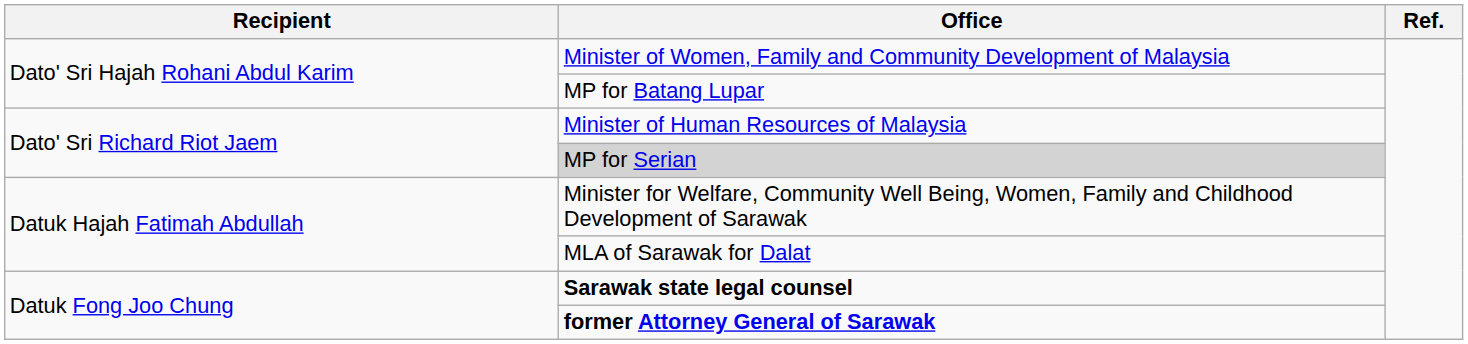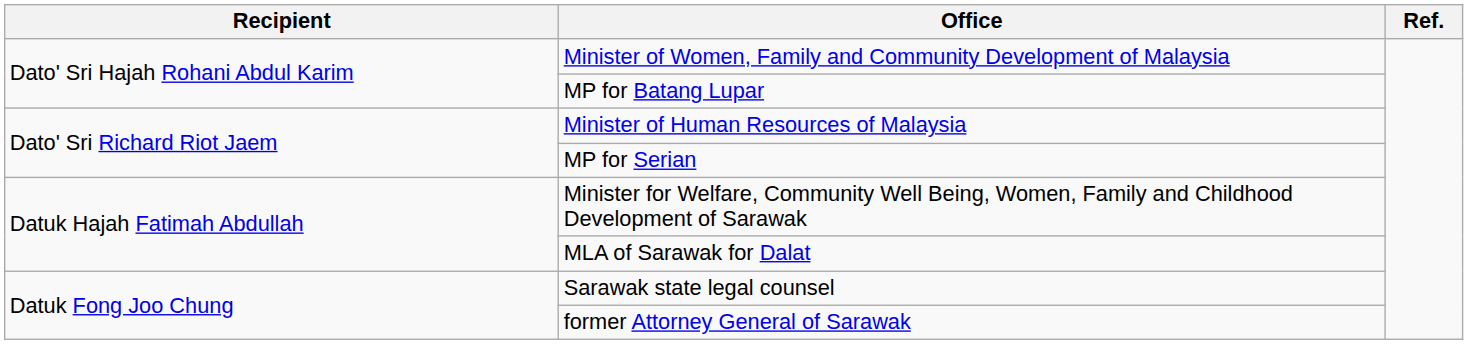 <table class="wikitable">
 <tr>
 <th width=400>Recipient</th>
 <th width=600>Office</th>
 <th width=50>Ref.</th>
 </tr>
 <tr>
 <td rowspan="2">Dato' Sri Hajah <a href='#'>Rohani Abdul Karim</a></td>
 <td><a href='#'>Minister of Women, Family and Community Development of Malaysia</a></td>
 <td rowspan="8" align=center></td>
 </tr>
 <tr>
 <td>MP for <a href='#'>Batang Lupar</a></td>
 </tr>
 <tr>
 <td rowspan="2">Dato' Sri <a href='#'>Richard Riot Jaem</a></td>
 <td><a href='#'>Minister of Human Resources of Malaysia</a></td>
 </tr>
 <tr>
-<td style="background: lightgrey;">MP for <a href='#'>Serian</a></td>
+<td>MP for <a href='#'>Serian</a></td>
 </tr>
 <tr>
 <td rowspan="2">Datuk Hajah <a href='#'>Fatimah Abdullah</a></td>
 <td>Minister for Welfare, Community Well Being, Women, Family and Childhood Development of Sarawak</td>
 </tr>
 <tr>
 <td>MLA of Sarawak for <a href='#'>Dalat</a></td>
 </tr>
 <tr>
 <td rowspan="2">Datuk <a href='#'>Fong Joo Chung</a></td>
-<td><strong>Sarawak state legal counsel</strong></td>
+<td>Sarawak state legal counsel</td>
 </tr>
 <tr>
-<td><strong>former <a href='#'>Attorney General of Sarawak</a></strong></td>
+<td>former <a href='#'>Attorney General of Sarawak</a></td>
 </tr>
 </table>
